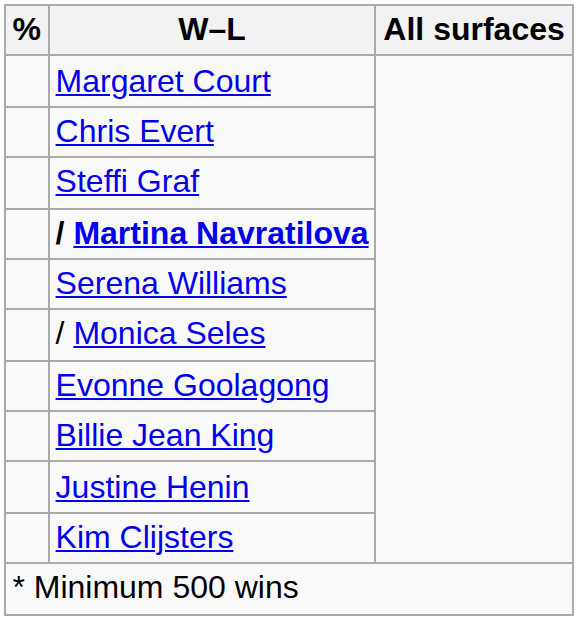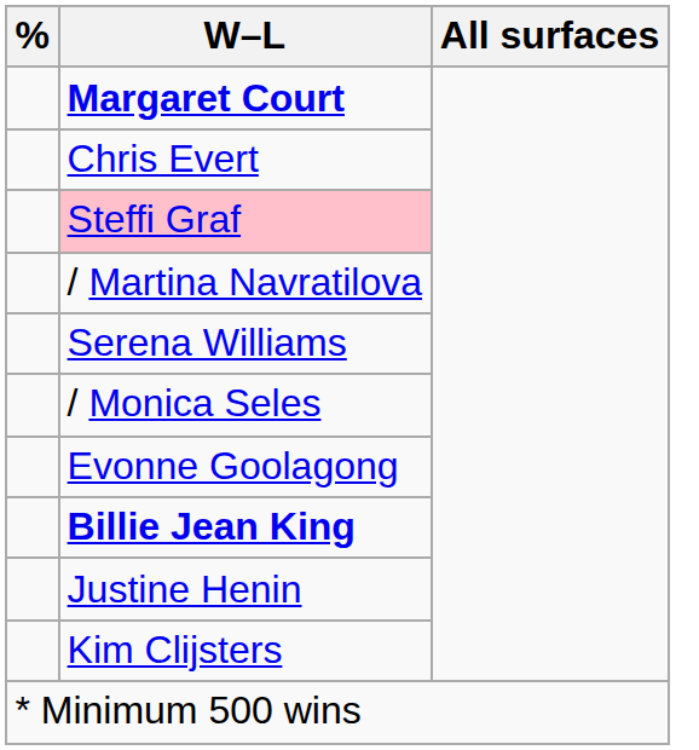 <table class="wikitable nowrap">
 <tr>
 <th>%</th>
 <th>W–L</th>
 <th>All surfaces</th>
 </tr>
 <tr>
 <td></td>
-<td> <a href='#'>Margaret Court</a></td>
+<td><strong> <a href='#'>Margaret Court</a></strong></td>
 </tr>
 <tr>
 <td></td>
 <td> <a href='#'>Chris Evert</a></td>
 </tr>
 <tr>
 <td></td>
-<td> <a href='#'>Steffi Graf</a></td>
+<td style="background: pink;"> <a href='#'>Steffi Graf</a></td>
 </tr>
 <tr>
 <td></td>
-<td><strong>/ <a href='#'>Martina Navratilova</a></strong></td>
+<td>/ <a href='#'>Martina Navratilova</a></td>
 </tr>
 <tr>
 <td></td>
 <td> <a href='#'>Serena Williams</a></td>
 </tr>
 <tr>
 <td></td>
 <td>/ <a href='#'>Monica Seles</a></td>
 </tr>
 <tr>
 <td></td>
 <td> <a href='#'>Evonne Goolagong</a></td>
 </tr>
 <tr>
 <td></td>
-<td> <a href='#'>Billie Jean King</a></td>
+<td><strong> <a href='#'>Billie Jean King</a></strong></td>
 </tr>
 <tr>
 <td></td>
 <td> <a href='#'>Justine Henin</a></td>
 </tr>
 <tr>
 <td></td>
 <td> <a href='#'>Kim Clijsters</a></td>
 </tr>
 <tr>
 <td colspan="3">* Minimum 500 wins</td>
 </tr>
 </table>
